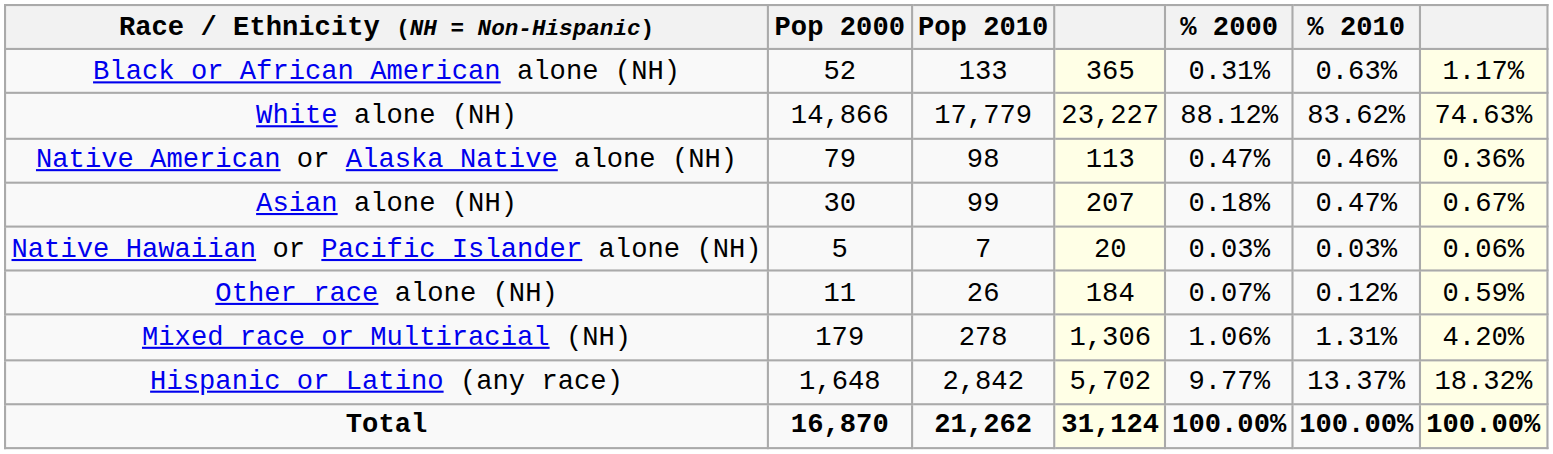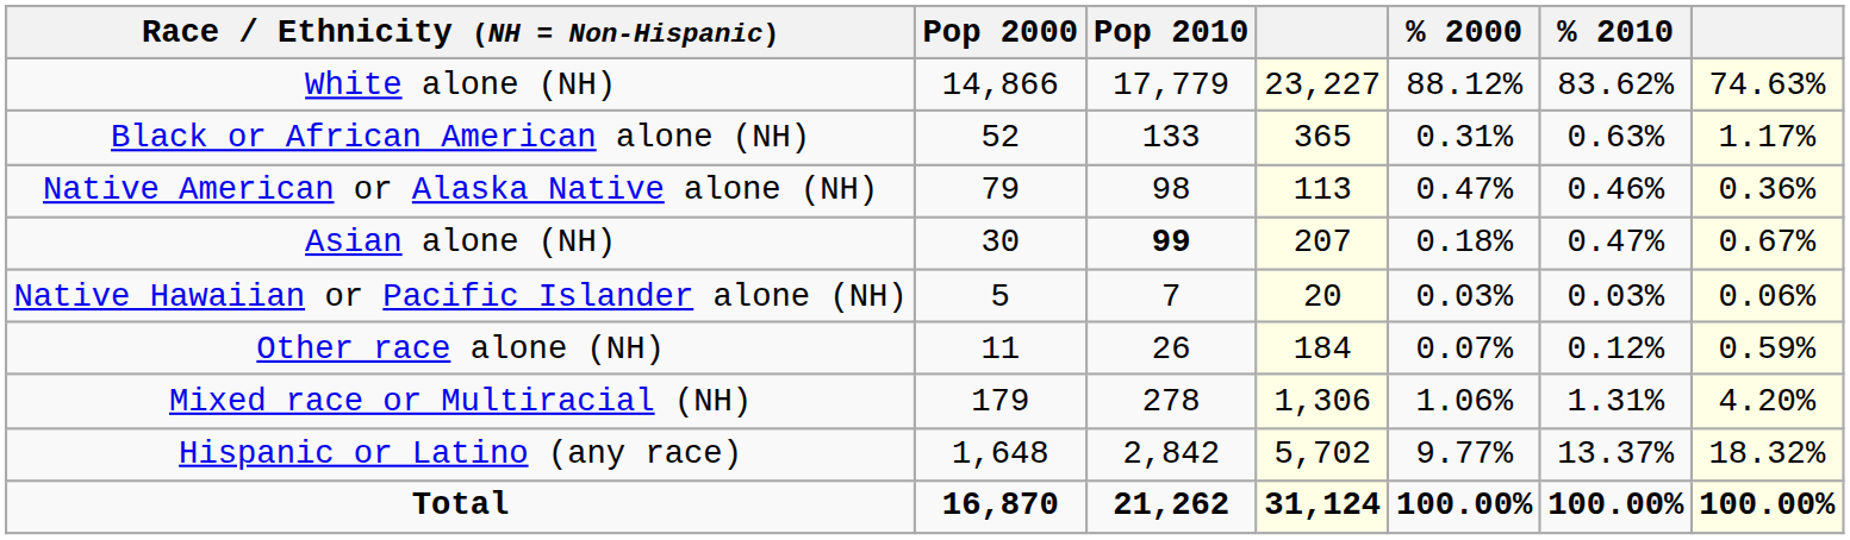 <table class="wikitable" style="text-align:center;">
 <tr>
 <th>Race / Ethnicity <small>(<em>NH = Non-Hispanic</em>)</small></th>
 <th>Pop 2000</th>
 <th>Pop 2010</th>
 <th></th>
 <th>% 2000</th>
 <th>% 2010</th>
 <th></th>
 </tr>
 <tr>
+<td><a href='#'>White</a> alone (NH)</td>
+<td>14,866</td>
+<td>17,779</td>
+<td style='background: #ffffe6;'>23,227</td>
+<td>88.12%</td>
+<td>83.62%</td>
+<td style='background: #ffffe6;'>74.63%</td>
+</tr>
+<tr>
 <td><a href='#'>Black or African American</a> alone (NH)</td>
 <td>52</td>
 <td>133</td>
 <td style='background: #ffffe6;'>365</td>
 <td>0.31%</td>
 <td>0.63%</td>
 <td style='background: #ffffe6;'>1.17%</td>
-</tr>
-<tr>
-<td><a href='#'>White</a> alone (NH)</td>
-<td>14,866</td>
-<td>17,779</td>
-<td style='background: #ffffe6;'>23,227</td>
-<td>88.12%</td>
-<td>83.62%</td>
-<td style='background: #ffffe6;'>74.63%</td>
 </tr>
 <tr>
 <td><a href='#'>Native American</a> or <a href='#'>Alaska Native</a> alone (NH)</td>
 <td>79</td>
 <td>98</td>
 <td style='background: #ffffe6;'>113</td>
 <td>0.47%</td>
 <td>0.46%</td>
 <td style='background: #ffffe6;'>0.36%</td>
 </tr>
 <tr>
 <td><a href='#'>Asian</a> alone (NH)</td>
 <td>30</td>
-<td>99</td>
+<td><strong>99</strong></td>
 <td style='background: #ffffe6;'>207</td>
 <td>0.18%</td>
 <td>0.47%</td>
 <td style='background: #ffffe6;'>0.67%</td>
 </tr>
 <tr>
 <td><a href='#'>Native Hawaiian</a> or <a href='#'>Pacific Islander</a> alone (NH)</td>
 <td>5</td>
 <td>7</td>
 <td style='background: #ffffe6;'>20</td>
 <td>0.03%</td>
 <td>0.03%</td>
 <td style='background: #ffffe6;'>0.06%</td>
 </tr>
 <tr>
 <td><a href='#'>Other race</a> alone (NH)</td>
 <td>11</td>
 <td>26</td>
 <td style='background: #ffffe6;'>184</td>
 <td>0.07%</td>
 <td>0.12%</td>
 <td style='background: #ffffe6;'>0.59%</td>
 </tr>
 <tr>
 <td><a href='#'>Mixed race or Multiracial</a> (NH)</td>
 <td>179</td>
 <td>278</td>
 <td style='background: #ffffe6;'>1,306</td>
 <td>1.06%</td>
 <td>1.31%</td>
 <td style='background: #ffffe6;'>4.20%</td>
 </tr>
 <tr>
 <td><a href='#'>Hispanic or Latino</a> (any race)</td>
 <td>1,648</td>
 <td>2,842</td>
 <td style='background: #ffffe6;'>5,702</td>
 <td>9.77%</td>
 <td>13.37%</td>
 <td style='background: #ffffe6;'>18.32%</td>
 </tr>
 <tr>
 <td><strong>Total</strong></td>
 <td><strong>16,870</strong></td>
 <td><strong>21,262</strong></td>
 <td style='background: #ffffe6;'><strong>31,124</strong></td>
 <td><strong>100.00%</strong></td>
 <td><strong>100.00%</strong></td>
 <td style='background: #ffffe6;'><strong>100.00%</strong></td>
 </tr>
 </table>
